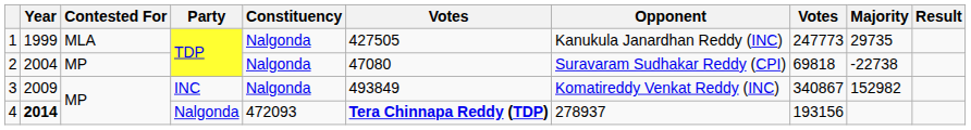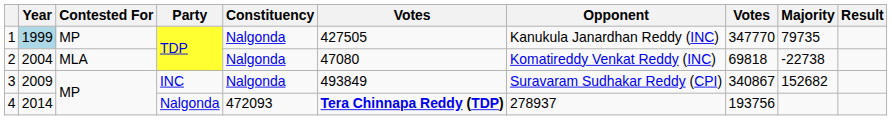 <table class="wikitable">
 <tr>
 <th></th>
 <th>Year</th>
 <th>Contested For</th>
 <th>Party</th>
 <th>Constituency</th>
 <th>Votes</th>
 <th>Opponent</th>
 <th>Votes</th>
 <th>Majority</th>
 <th>Result</th>
 </tr>
 <tr>
 <td>1</td>
-<td>1999</td>
-<td>MLA</td>
+<td style="background: lightblue;">1999</td>
+<td>MP</td>
 <td style="background-color: #FFFF31" rowspan="2"><a href='#'>TDP</a></td>
 <td><a href='#'>Nalgonda</a></td>
 <td>427505</td>
 <td>Kanukula Janardhan Reddy (<a href='#'>INC</a>)</td>
-<td>247773</td>
-<td>29735</td>
+<td>347770</td>
+<td>79735</td>
 <td> </td>
 </tr>
 <tr>
 <td>2</td>
 <td>2004</td>
-<td>MP</td>
+<td>MLA</td>
 <td><a href='#'>Nalgonda</a></td>
 <td>47080</td>
-<td><a href='#'>Suravaram Sudhakar Reddy</a> (<a href='#'>CPI</a>)</td>
+<td><a href='#'>Komatireddy Venkat Reddy</a> (<a href='#'>INC</a>)</td>
 <td>69818</td>
 <td>-22738</td>
 <td></td>
 </tr>
 <tr>
 <td>3</td>
 <td>2009</td>
 <td rowspan="3">MP</td>
 <td style="background-color: "><a href='#'>INC</a></td>
 <td><a href='#'>Nalgonda</a></td>
 <td>493849</td>
-<td><a href='#'>Komatireddy Venkat Reddy</a> (<a href='#'>INC</a>)</td>
+<td><a href='#'>Suravaram Sudhakar Reddy</a> (<a href='#'>CPI</a>)</td>
 <td>340867</td>
-<td>152982</td>
+<td>152682</td>
 <td> </td>
 </tr>
 <tr>
 <td>4</td>
-<td><strong>2014</strong></td>
+<td>2014</td>
 <td><a href='#'>Nalgonda</a></td>
 <td>472093</td>
 <td><strong><a href='#'>Tera Chinnapa Reddy</a> (<a href='#'>TDP</a>)</strong></td>
 <td>278937</td>
-<td>193156</td>
+<td>193756</td>
 <td> </td>
 </tr>
 </table>
